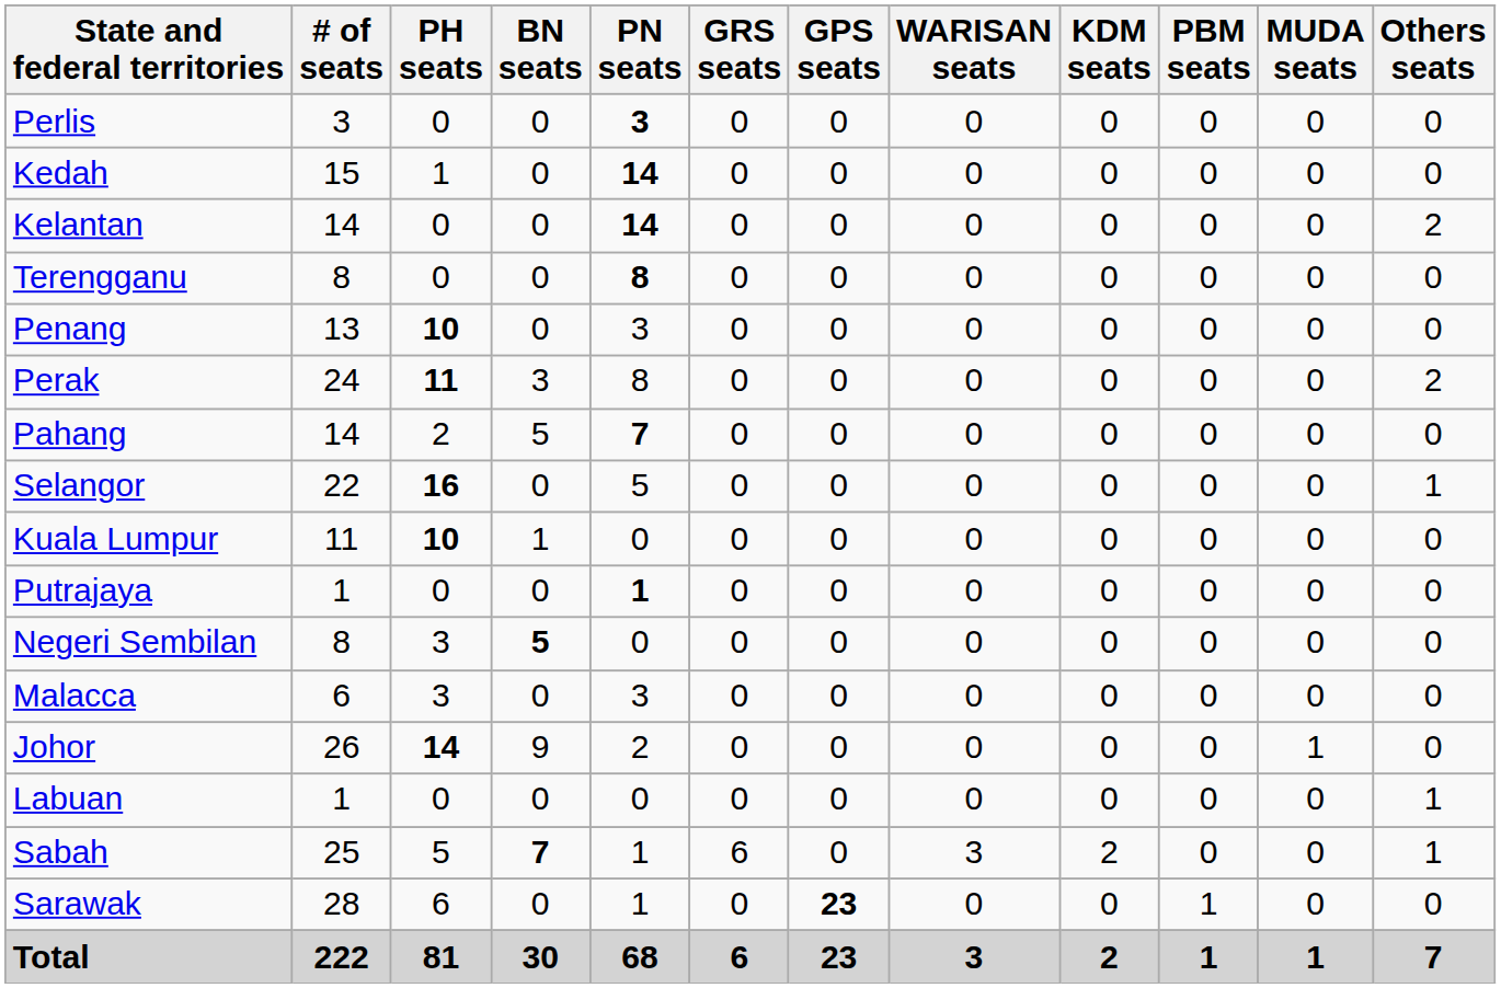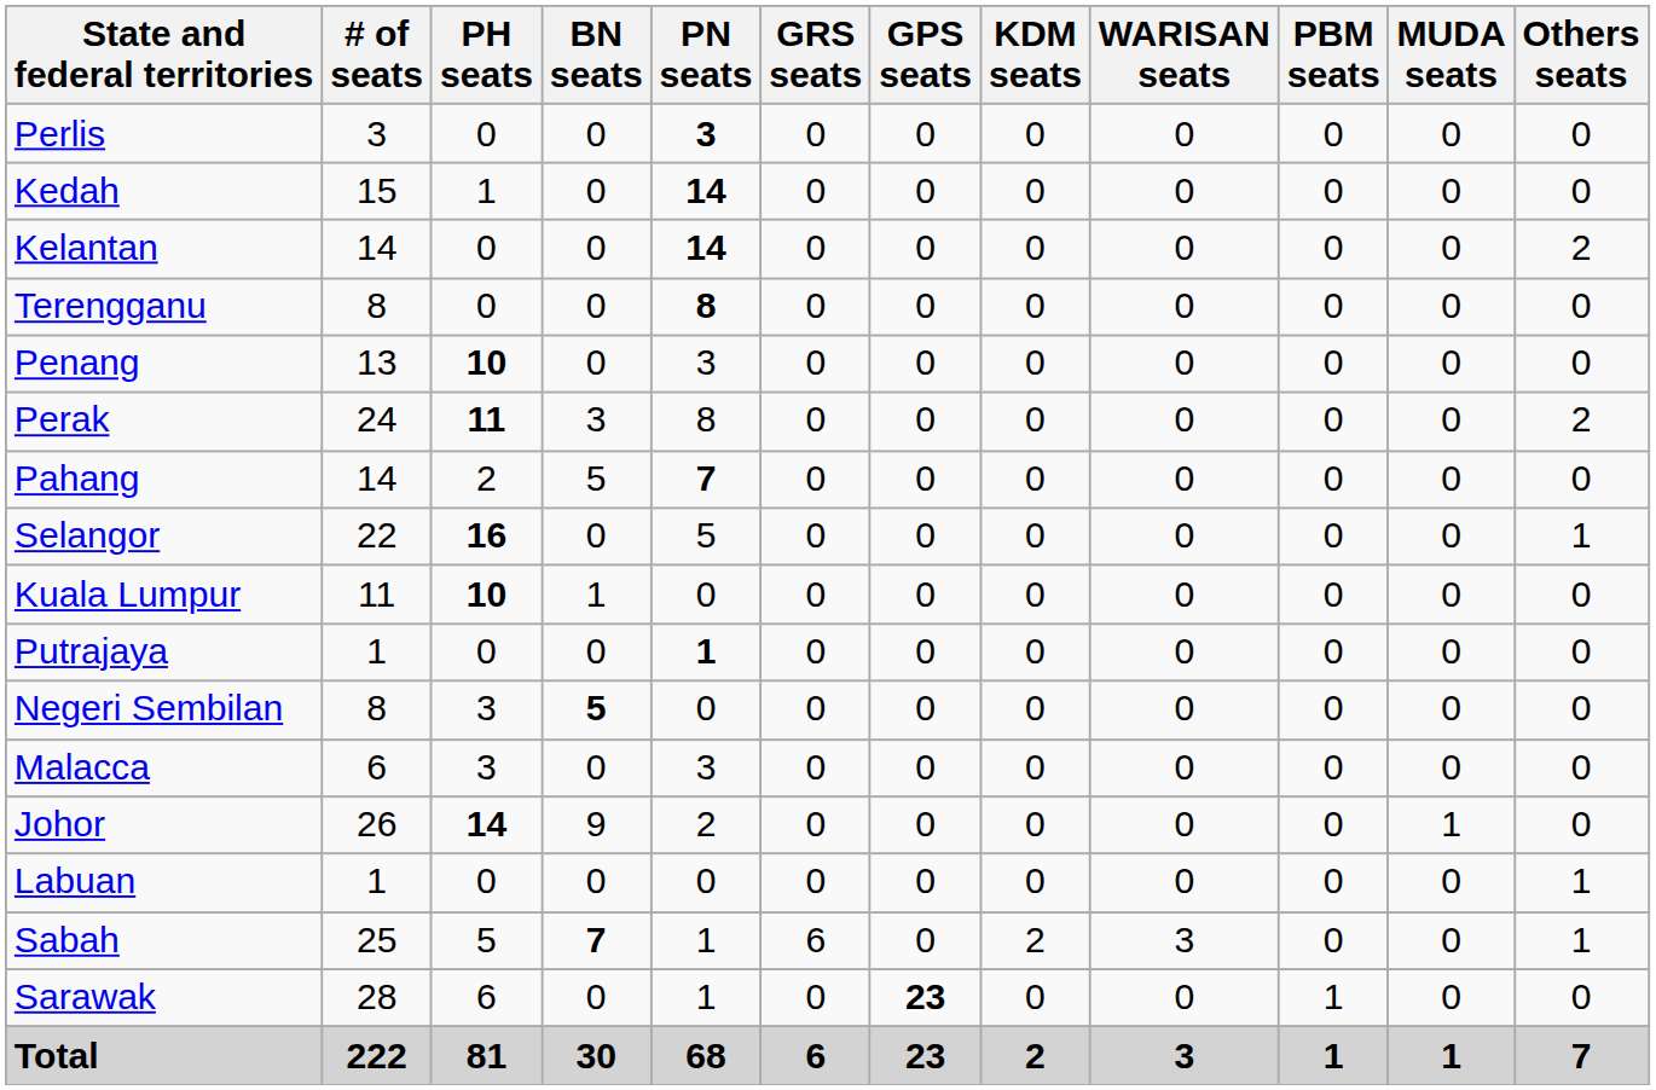 <table class="wikitable sortable" style="text-align:center">
 <tr>
 <th>State and<br>federal territories</th>
 <th># of<br>seats</th>
 <th>PH<br>seats</th>
 <th>BN<br>seats</th>
 <th>PN<br>seats</th>
 <th>GRS<br>seats</th>
 <th>GPS<br>seats</th>
+<th>KDM<br>seats</th>
 <th>WARISAN<br>seats</th>
-<th>KDM<br>seats</th>
 <th>PBM<br>seats</th>
 <th>MUDA<br>seats</th>
 <th>Others<br>seats</th>
 </tr>
 <tr>
 <td style="text-align:left"> <a href='#'>Perlis</a></td>
 <td>3</td>
 <td>0</td>
 <td>0</td>
 <td><strong>3</strong></td>
 <td>0</td>
 <td>0</td>
 <td>0</td>
 <td>0</td>
 <td>0</td>
 <td>0</td>
 <td>0</td>
 </tr>
 <tr>
 <td style="text-align:left"> <a href='#'>Kedah</a></td>
 <td>15</td>
 <td>1</td>
 <td>0</td>
 <td><strong>14</strong></td>
 <td>0</td>
 <td>0</td>
 <td>0</td>
 <td>0</td>
 <td>0</td>
 <td>0</td>
 <td>0</td>
 </tr>
 <tr>
 <td style="text-align:left"> <a href='#'>Kelantan</a></td>
 <td>14</td>
 <td>0</td>
 <td>0</td>
 <td><strong>14</strong></td>
 <td>0</td>
 <td>0</td>
 <td>0</td>
 <td>0</td>
 <td>0</td>
 <td>0</td>
 <td>2 <small></small></td>
 </tr>
 <tr>
 <td style="text-align:left"> <a href='#'>Terengganu</a></td>
 <td>8</td>
 <td>0</td>
 <td>0</td>
 <td><strong>8</strong></td>
 <td>0</td>
 <td>0</td>
 <td>0</td>
 <td>0</td>
 <td>0</td>
 <td>0</td>
 <td>0</td>
 </tr>
 <tr>
 <td style="text-align:left"> <a href='#'>Penang</a></td>
 <td>13</td>
 <td><strong>10</strong></td>
 <td>0</td>
 <td>3</td>
 <td>0</td>
 <td>0</td>
 <td>0</td>
 <td>0</td>
 <td>0</td>
 <td>0</td>
 <td>0</td>
 </tr>
 <tr>
 <td style="text-align:left"> <a href='#'>Perak</a></td>
 <td>24</td>
 <td><strong>11</strong></td>
 <td>3</td>
 <td>8</td>
 <td>0</td>
 <td>0</td>
 <td>0</td>
 <td>0</td>
 <td>0</td>
 <td>0</td>
 <td>2 <small></small></td>
 </tr>
 <tr>
 <td style="text-align:left"> <a href='#'>Pahang</a></td>
 <td>14</td>
 <td>2</td>
 <td>5</td>
 <td><strong>7</strong></td>
 <td>0</td>
 <td>0</td>
 <td>0</td>
 <td>0</td>
 <td>0</td>
 <td>0</td>
 <td>0</td>
 </tr>
 <tr>
 <td style="text-align:left"> <a href='#'>Selangor</a></td>
 <td>22</td>
 <td><strong>16</strong></td>
 <td>0</td>
 <td>5</td>
 <td>0</td>
 <td>0</td>
 <td>0</td>
 <td>0</td>
 <td>0</td>
 <td>0</td>
 <td>1 <small></small></td>
 </tr>
 <tr>
 <td style="text-align:left"> <a href='#'>Kuala Lumpur</a></td>
 <td>11</td>
 <td><strong>10</strong></td>
 <td>1</td>
 <td>0</td>
 <td>0</td>
 <td>0</td>
 <td>0</td>
 <td>0</td>
 <td>0</td>
 <td>0</td>
 <td>0</td>
 </tr>
 <tr>
 <td style="text-align:left"> <a href='#'>Putrajaya</a></td>
 <td>1</td>
 <td>0</td>
 <td>0</td>
 <td><strong>1</strong></td>
 <td>0</td>
 <td>0</td>
 <td>0</td>
 <td>0</td>
 <td>0</td>
 <td>0</td>
 <td>0</td>
 </tr>
 <tr>
 <td style="text-align:left"> <a href='#'>Negeri Sembilan</a></td>
 <td>8</td>
 <td>3</td>
 <td><strong>5</strong></td>
 <td>0</td>
 <td>0</td>
 <td>0</td>
 <td>0</td>
 <td>0</td>
 <td>0</td>
 <td>0</td>
 <td>0</td>
 </tr>
 <tr>
 <td style="text-align:left"> <a href='#'>Malacca</a></td>
 <td>6</td>
 <td>3</td>
 <td>0</td>
 <td>3</td>
 <td>0</td>
 <td>0</td>
 <td>0</td>
 <td>0</td>
 <td>0</td>
 <td>0</td>
 <td>0</td>
 </tr>
 <tr>
 <td style="text-align:left"> <a href='#'>Johor</a></td>
 <td>26</td>
 <td><strong>14</strong></td>
 <td>9</td>
 <td>2</td>
 <td>0</td>
 <td>0</td>
 <td>0</td>
 <td>0</td>
 <td>0</td>
 <td>1</td>
 <td>0</td>
 </tr>
 <tr>
 <td style="text-align:left"> <a href='#'>Labuan</a></td>
 <td>1</td>
 <td>0</td>
 <td>0</td>
 <td>0</td>
 <td>0</td>
 <td>0</td>
 <td>0</td>
 <td>0</td>
 <td>0</td>
 <td>0</td>
 <td>1 <small></small></td>
 </tr>
 <tr>
 <td style="text-align:left"> <a href='#'>Sabah</a></td>
 <td>25</td>
 <td>5</td>
 <td><strong>7</strong></td>
 <td>1</td>
 <td>6</td>
 <td>0</td>
+<td>2</td>
 <td>3</td>
-<td>2</td>
 <td>0</td>
 <td>0</td>
 <td>1 <small></small></td>
 </tr>
 <tr>
 <td style="text-align:left"> <a href='#'>Sarawak</a></td>
 <td>28</td>
 <td>6</td>
 <td>0</td>
 <td>1</td>
 <td>0</td>
 <td><strong>23</strong></td>
 <td>0</td>
 <td>0</td>
 <td>1</td>
 <td>0</td>
 <td>0</td>
 </tr>
 <tr class="sortbottom" bgcolor="lightgrey">
 <td style="text-align:left"><strong>Total</strong></td>
 <td><strong>222</strong></td>
 <td><span><strong>81</strong></span></td>
 <td><span><strong>30</strong></span></td>
 <td><span><strong>68</strong></span></td>
 <td><span><strong>6</strong></span></td>
 <td><span><strong>23</strong></span></td>
+<td><span><strong>2</strong></span></td>
 <td><span><strong>3</strong></span></td>
-<td><span><strong>2</strong></span></td>
 <td><span><strong>1</strong></span></td>
 <td><span><strong>1</strong></span></td>
 <td><strong>7</strong></td>
 </tr>
 </table>
